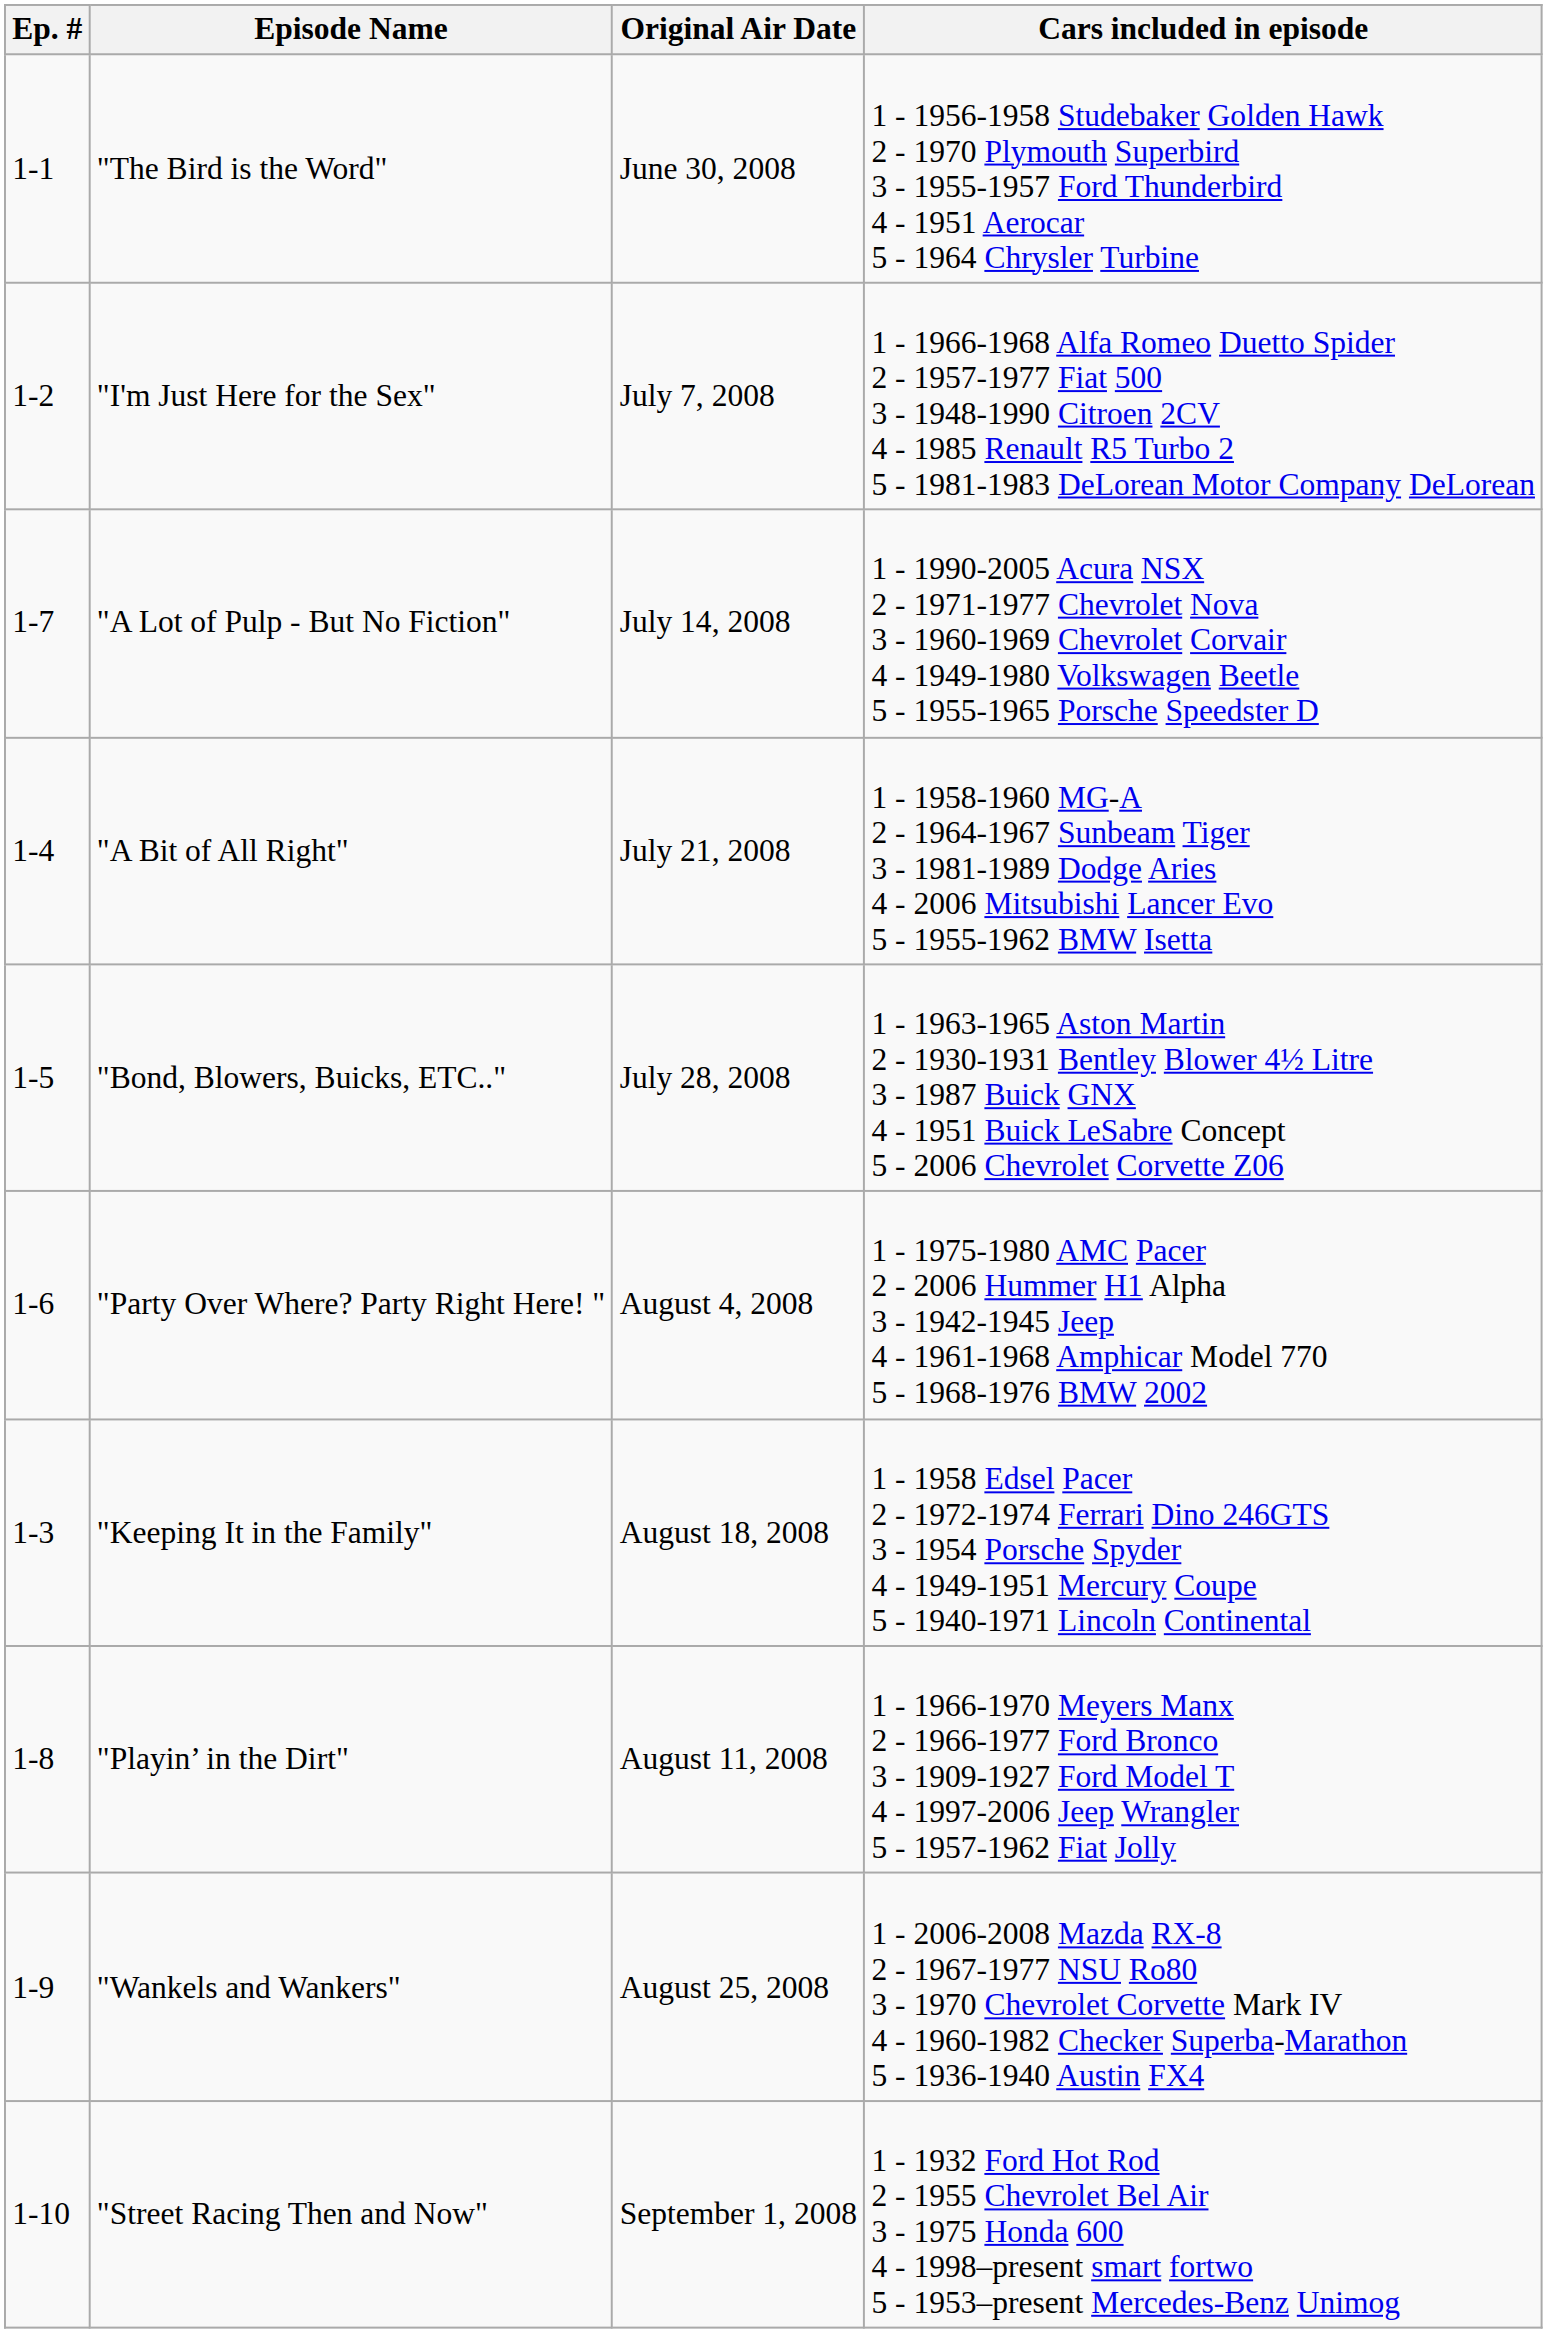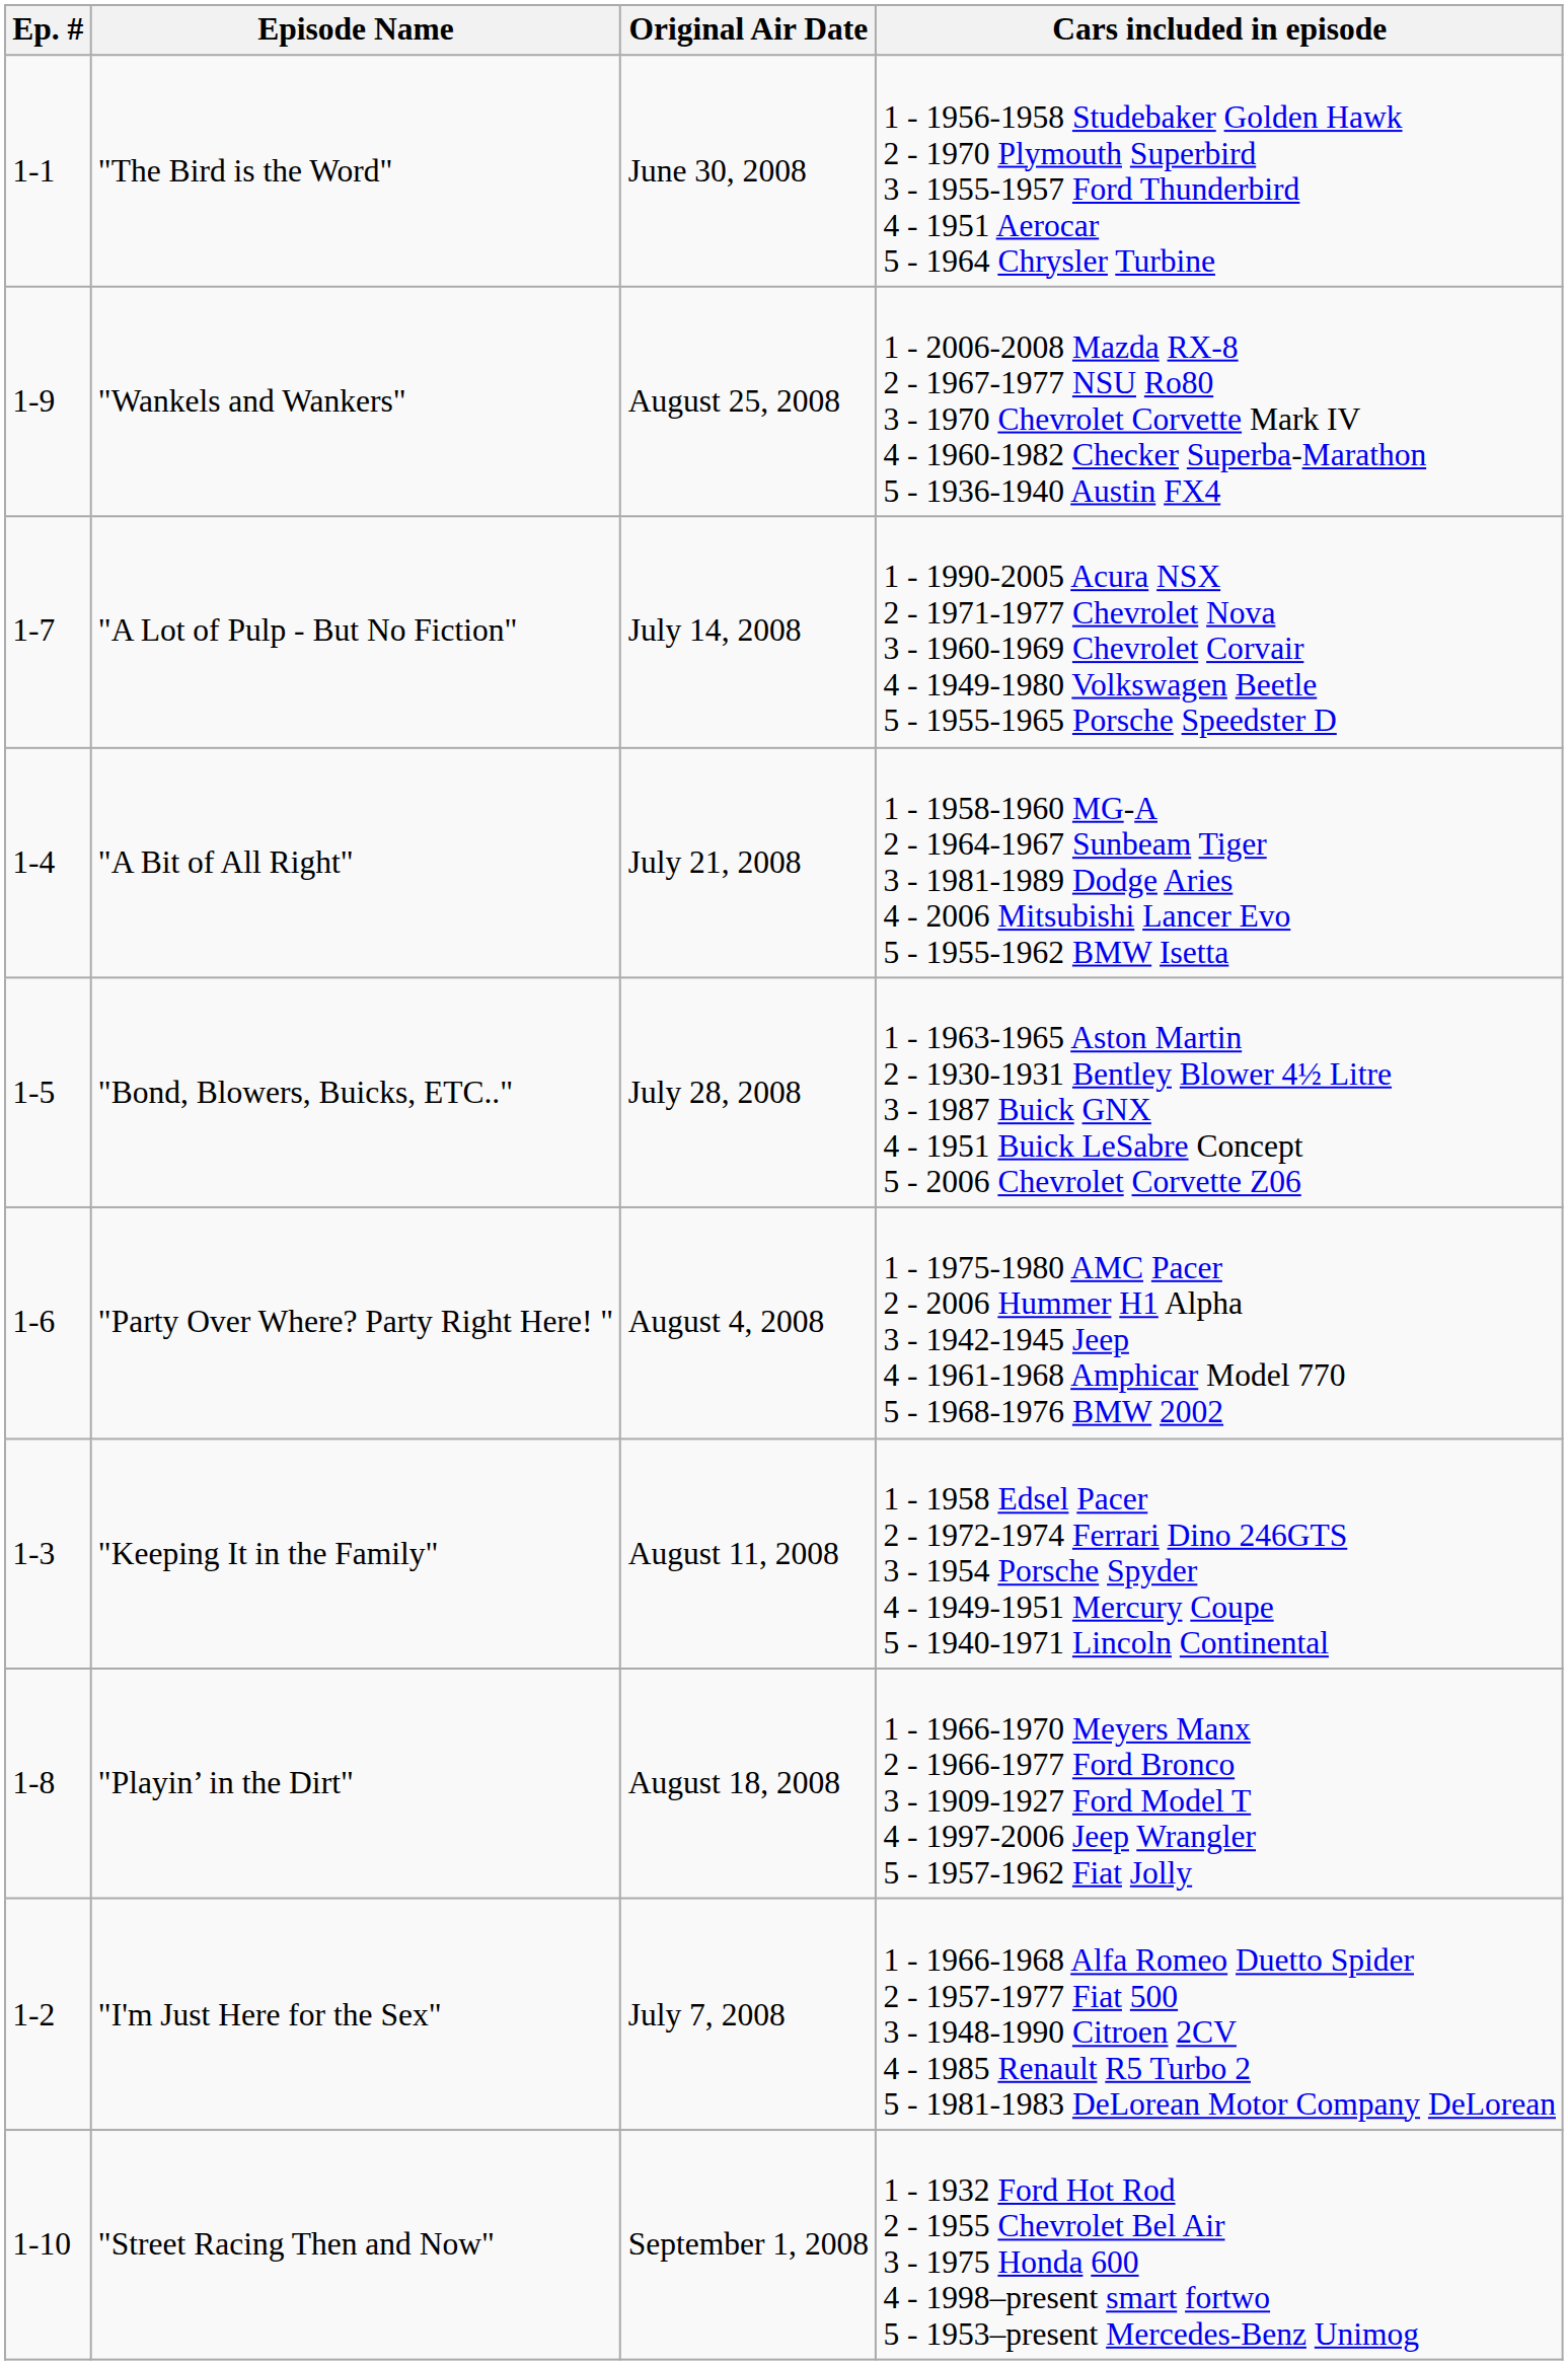 <table class="wikitable" border="1">
 <tr>
 <th>Ep. #</th>
 <th>Episode Name</th>
 <th>Original Air Date</th>
 <th>Cars included in episode</th>
 </tr>
 <tr>
 <td>1-1</td>
 <td>"The Bird is the Word"</td>
 <td>June 30, 2008</td>
 <td><br>1 - 1956-1958 <a href='#'>Studebaker</a> <a href='#'>Golden Hawk</a><br> 2 - 1970 <a href='#'>Plymouth</a> <a href='#'>Superbird</a><br> 3 - 1955-1957 <a href='#'>Ford Thunderbird</a><br> 4 - 1951 <a href='#'>Aerocar</a><br> 5 - 1964 <a href='#'>Chrysler</a> <a href='#'>Turbine</a><br></td>
 </tr>
 <tr>
-<td>1-2</td>
-<td>"I'm Just Here for the Sex"</td>
-<td>July 7, 2008</td>
-<td><br>1 - 1966-1968 <a href='#'>Alfa Romeo</a> <a href='#'>Duetto Spider</a><br> 2 - 1957-1977 <a href='#'>Fiat</a> <a href='#'>500</a><br> 3 - 1948-1990 <a href='#'>Citroen</a> <a href='#'>2CV</a><br> 4 - 1985 <a href='#'>Renault</a> <a href='#'>R5 Turbo 2</a><br> 5 - 1981-1983 <a href='#'>DeLorean Motor Company</a> <a href='#'>DeLorean</a><br></td>
+<td>1-9</td>
+<td>"Wankels and Wankers"</td>
+<td>August 25, 2008</td>
+<td><br>1 - 2006-2008 <a href='#'>Mazda</a> <a href='#'>RX-8</a><br> 2 - 1967-1977 <a href='#'>NSU</a> <a href='#'>Ro80</a><br> 3 - 1970 <a href='#'>Chevrolet Corvette</a> Mark IV<br> 4 - 1960-1982 <a href='#'>Checker</a> <a href='#'>Superba</a>-<a href='#'>Marathon</a><br> 5 - 1936-1940 <a href='#'>Austin</a> <a href='#'>FX4</a></td>
 </tr>
 <tr>
 <td>1-7</td>
 <td>"A Lot of Pulp - But No Fiction"</td>
 <td>July 14, 2008</td>
 <td><br>1 - 1990-2005 <a href='#'>Acura</a> <a href='#'>NSX</a><br> 2 - 1971-1977 <a href='#'>Chevrolet</a> <a href='#'>Nova</a><br> 3 - 1960-1969 <a href='#'>Chevrolet</a> <a href='#'>Corvair</a><br> 4 - 1949-1980 <a href='#'>Volkswagen</a> <a href='#'>Beetle</a><br> 5 - 1955-1965 <a href='#'>Porsche</a> <a href='#'>Speedster D</a></td>
 </tr>
 <tr>
 <td>1-4</td>
 <td>"A Bit of All Right"</td>
 <td>July 21, 2008</td>
 <td><br>1 - 1958-1960 <a href='#'>MG</a>-<a href='#'>A</a><br> 2 - 1964-1967 <a href='#'>Sunbeam</a> <a href='#'>Tiger</a><br> 3 - 1981-1989 <a href='#'>Dodge</a> <a href='#'>Aries</a><br> 4 - 2006 <a href='#'>Mitsubishi</a> <a href='#'>Lancer Evo</a><br> 5 - 1955-1962 <a href='#'>BMW</a> <a href='#'>Isetta</a></td>
 </tr>
 <tr>
 <td>1-5</td>
 <td>"Bond, Blowers, Buicks, ETC.."</td>
 <td>July 28, 2008</td>
 <td><br>1 - 1963-1965 <a href='#'>Aston Martin</a><br> 2 - 1930-1931 <a href='#'>Bentley</a> <a href='#'>Blower 4½ Litre</a><br> 3 - 1987 <a href='#'>Buick</a> <a href='#'>GNX</a><br> 4 - 1951 <a href='#'>Buick LeSabre</a> Concept<br> 5 - 2006 <a href='#'>Chevrolet</a> <a href='#'>Corvette Z06</a></td>
 </tr>
 <tr>
 <td>1-6</td>
 <td>"Party Over Where? Party Right Here! "</td>
 <td>August 4, 2008</td>
 <td><br>1 - 1975-1980 <a href='#'>AMC</a> <a href='#'>Pacer</a><br> 2 - 2006 <a href='#'>Hummer</a> <a href='#'>H1</a> Alpha<br> 3 - 1942-1945 <a href='#'>Jeep</a><br> 4 - 1961-1968 <a href='#'>Amphicar</a> Model 770<br> 5 - 1968-1976 <a href='#'>BMW</a> <a href='#'>2002</a></td>
 </tr>
 <tr>
 <td>1-3</td>
 <td>"Keeping It in the Family"</td>
-<td>August 18, 2008</td>
+<td>August 11, 2008</td>
 <td><br>1 - 1958 <a href='#'>Edsel</a> <a href='#'>Pacer</a><br> 2 - 1972-1974 <a href='#'>Ferrari</a> <a href='#'>Dino 246GTS</a><br> 3 - 1954 <a href='#'>Porsche</a> <a href='#'>Spyder</a><br> 4 - 1949-1951 <a href='#'>Mercury</a> <a href='#'>Coupe</a><br> 5 - 1940-1971 <a href='#'>Lincoln</a> <a href='#'>Continental</a></td>
 </tr>
 <tr>
 <td>1-8</td>
 <td>"Playin’ in the Dirt"</td>
-<td>August 11, 2008</td>
+<td>August 18, 2008</td>
 <td><br>1 - 1966-1970 <a href='#'>Meyers Manx</a><br> 2 - 1966-1977 <a href='#'>Ford Bronco</a><br> 3 - 1909-1927 <a href='#'>Ford Model T</a><br> 4 - 1997-2006 <a href='#'>Jeep</a> <a href='#'>Wrangler</a><br> 5 - 1957-1962 <a href='#'>Fiat</a> <a href='#'>Jolly</a></td>
 </tr>
 <tr>
-<td>1-9</td>
-<td>"Wankels and Wankers"</td>
-<td>August 25, 2008</td>
-<td><br>1 - 2006-2008 <a href='#'>Mazda</a> <a href='#'>RX-8</a><br> 2 - 1967-1977 <a href='#'>NSU</a> <a href='#'>Ro80</a><br> 3 - 1970 <a href='#'>Chevrolet Corvette</a> Mark IV<br> 4 - 1960-1982 <a href='#'>Checker</a> <a href='#'>Superba</a>-<a href='#'>Marathon</a><br> 5 - 1936-1940 <a href='#'>Austin</a> <a href='#'>FX4</a></td>
+<td>1-2</td>
+<td>"I'm Just Here for the Sex"</td>
+<td>July 7, 2008</td>
+<td><br>1 - 1966-1968 <a href='#'>Alfa Romeo</a> <a href='#'>Duetto Spider</a><br> 2 - 1957-1977 <a href='#'>Fiat</a> <a href='#'>500</a><br> 3 - 1948-1990 <a href='#'>Citroen</a> <a href='#'>2CV</a><br> 4 - 1985 <a href='#'>Renault</a> <a href='#'>R5 Turbo 2</a><br> 5 - 1981-1983 <a href='#'>DeLorean Motor Company</a> <a href='#'>DeLorean</a><br></td>
 </tr>
 <tr>
 <td>1-10</td>
 <td>"Street Racing Then and Now"</td>
 <td>September 1, 2008</td>
 <td><br>1 - 1932 <a href='#'>Ford Hot Rod</a><br> 2 - 1955 <a href='#'>Chevrolet Bel Air</a><br> 3 - 1975 <a href='#'>Honda</a> <a href='#'>600</a><br> 4 - 1998–present <a href='#'>smart</a> <a href='#'>fortwo</a><br> 5 - 1953–present <a href='#'>Mercedes-Benz</a> <a href='#'>Unimog</a></td>
 </tr>
 </table>
